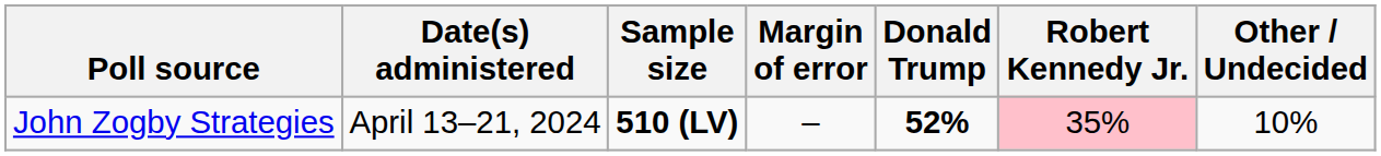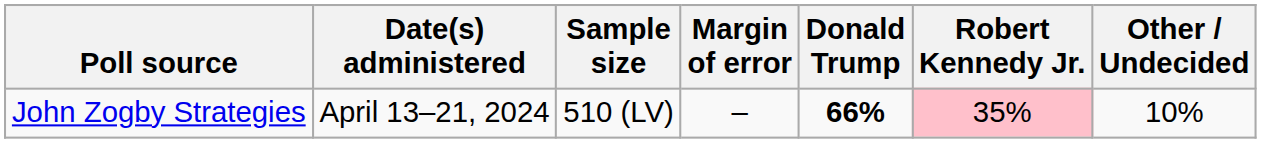 <table class="wikitable sortable mw-datatable" style="font-size:90%;text-align:center;line-height:17px">
 <tr valign=bottom>
 <th>Poll source</th>
 <th>Date(s)<br>administered</th>
 <th>Sample<br>size</th>
 <th>Margin<br>of error</th>
 <th class="unsortable">Donald<br>Trump<br></th>
 <th class="unsortable">Robert<br>Kennedy Jr.<br></th>
 <th class="unsortable">Other /<br>Undecided</th>
 </tr>
 <tr>
 <td style="text-align:left;"><a href='#'>John Zogby Strategies</a></td>
 <td data-sort-value="2024-05-01">April 13–21, 2024</td>
-<td><strong>510 (LV)</strong></td>
+<td>510 (LV)</td>
 <td>–</td>
-<td style="background-color:"><strong>52%</strong></td>
+<td style="background-color:"><strong>66%</strong></td>
 <td style="background: pink;">35%</td>
 <td>10%</td>
 </tr>
 </table>
